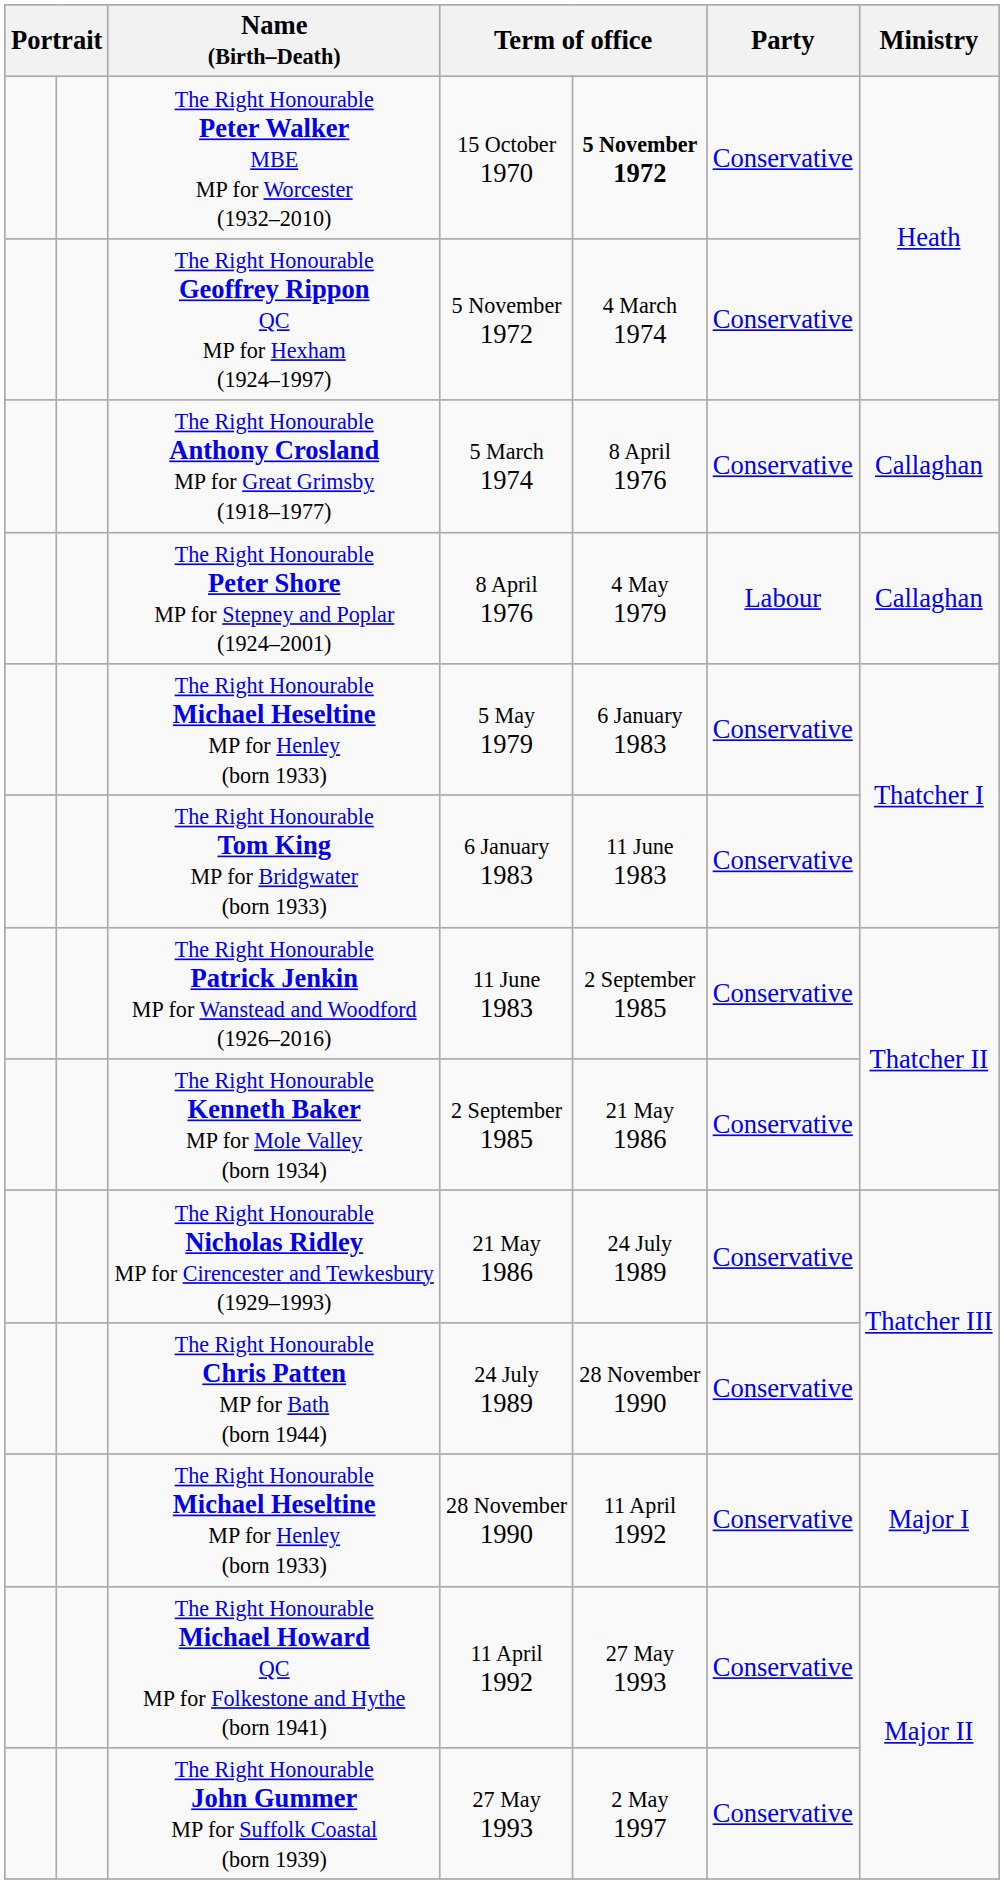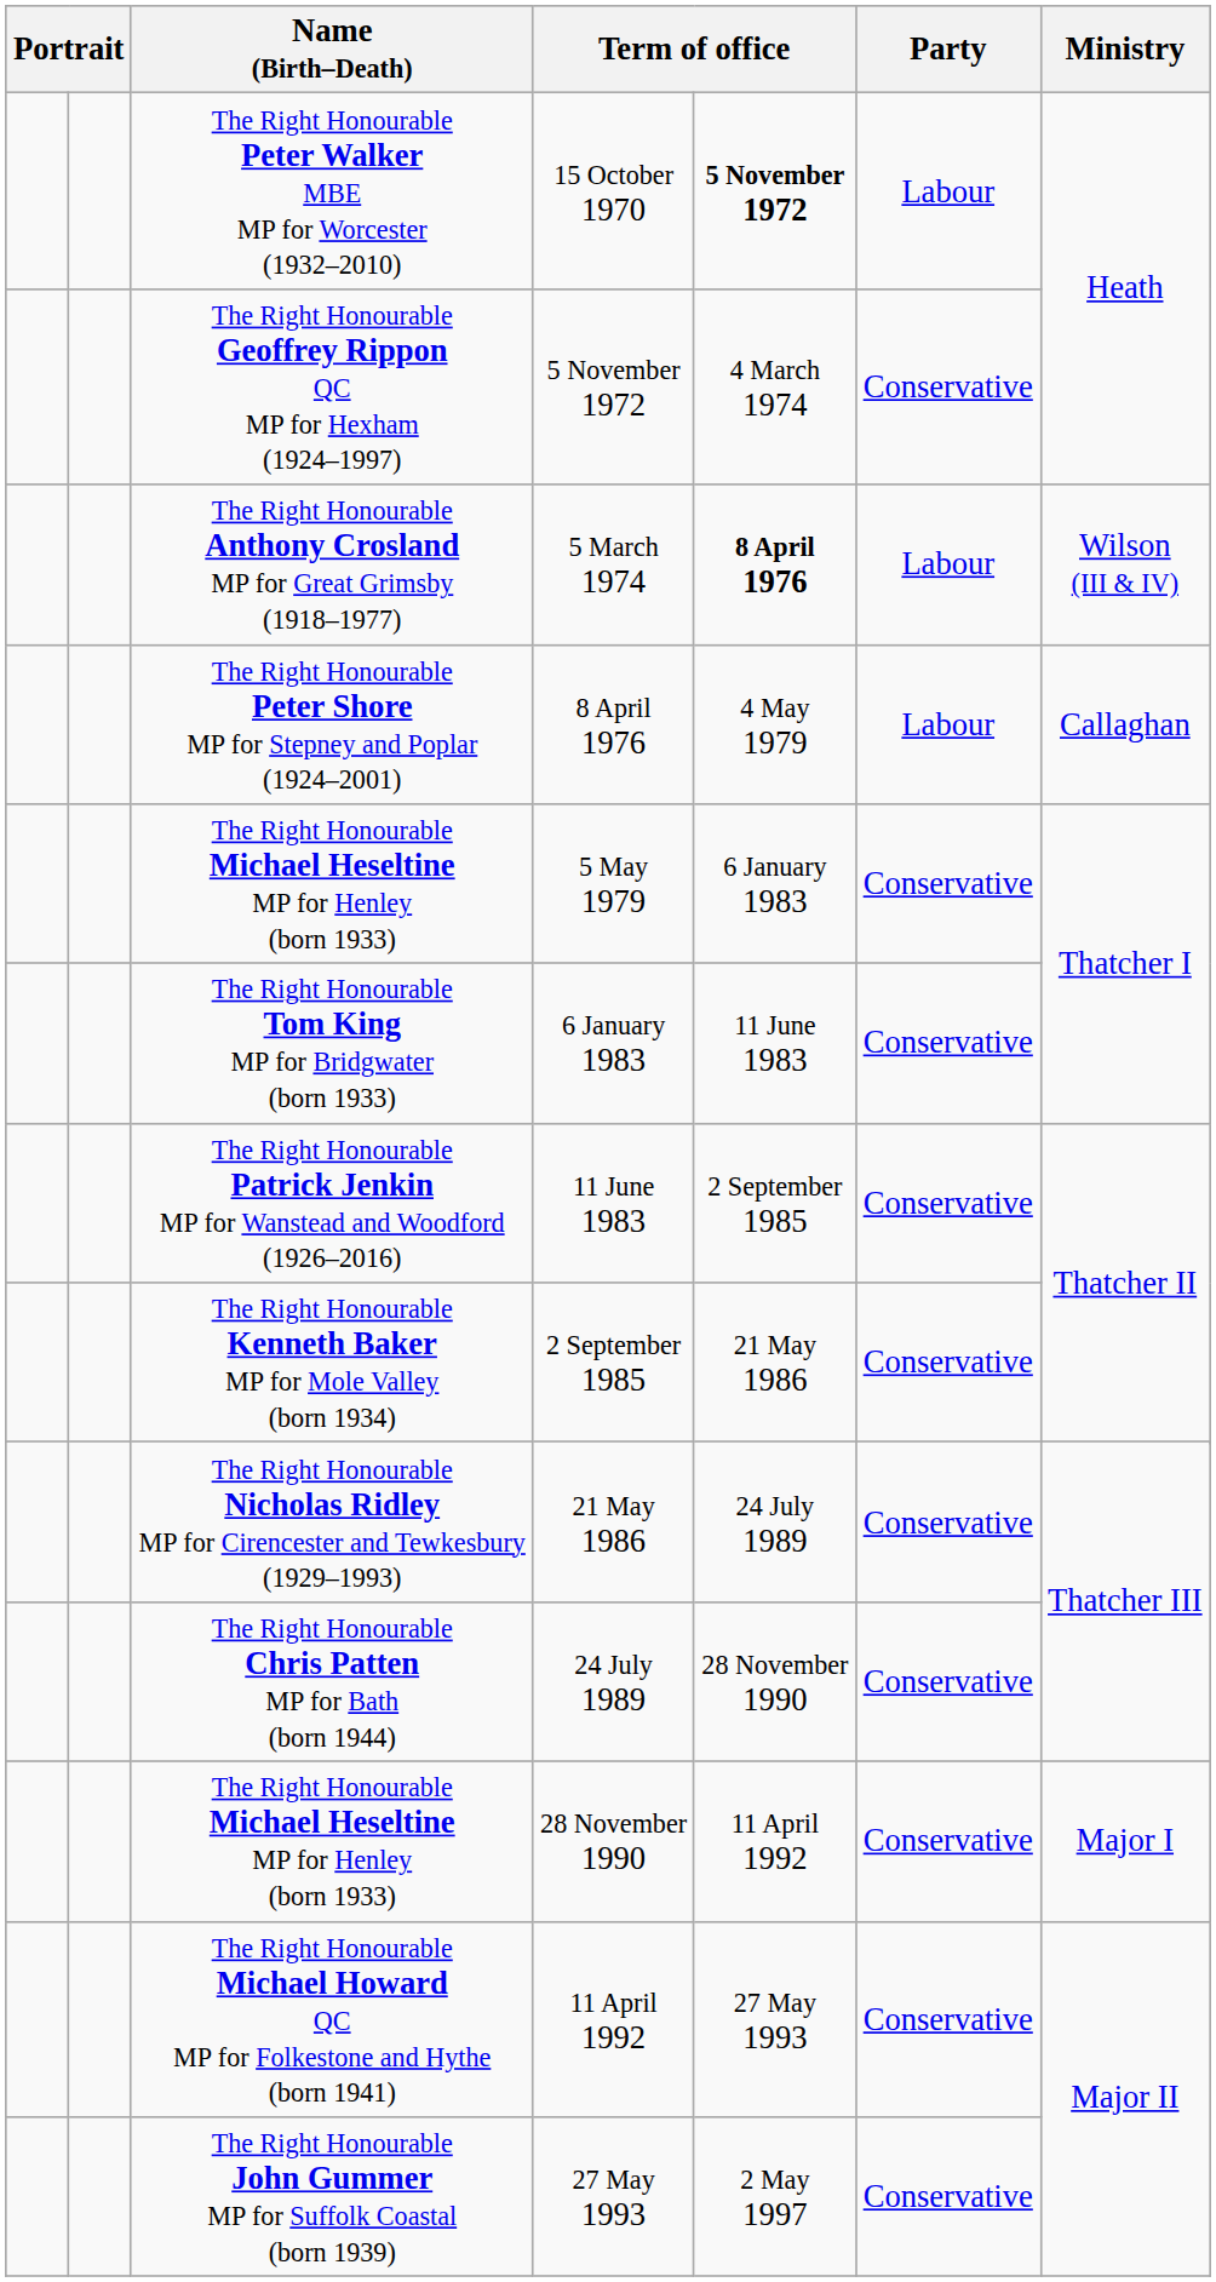 <table class="wikitable" style="text-align:center; white-space: nowrap">
 <tr>
 <th colspan=2>Portrait</th>
 <th>Name<br><small>(Birth–Death)</small></th>
 <th colspan=2>Term of office</th>
 <th>Party</th>
 <th>Ministry</th>
 </tr>
 <tr>
 <td style="background-color: "></td>
 <td></td>
 <td><a href='#'><small>The Right Honourable</small><br><strong>Peter Walker</strong><br><small>MBE</small></a><br><small>MP for <a href='#'>Worcester</a><br>(1932–2010)</small></td>
 <td><small>15 October</small><br>1970</td>
 <td><strong><small>5 November</small><br>1972</strong></td>
-<td><a href='#'>Conservative</a></td>
+<td><a href='#'>Labour</a></td>
 <td rowspan=2 ><a href='#'>Heath</a></td>
 </tr>
 <tr>
 <td style="background-color: "></td>
 <td></td>
 <td><a href='#'><small>The Right Honourable</small><br><strong>Geoffrey Rippon</strong><br><small>QC</small></a><br><small>MP for <a href='#'>Hexham</a><br>(1924–1997)</small></td>
 <td><small>5 November</small><br>1972</td>
 <td><small>4 March</small><br>1974</td>
 <td><a href='#'>Conservative</a></td>
 </tr>
 <tr>
 <td style="background-color: "></td>
 <td></td>
 <td><a href='#'><small>The Right Honourable</small><br><strong>Anthony Crosland</strong></a><br><small>MP for <a href='#'>Great Grimsby</a><br>(1918–1977)</small></td>
 <td><small>5 March</small><br>1974</td>
-<td><small>8 April</small><br>1976</td>
-<td><a href='#'>Conservative</a></td>
-<td><a href='#'>Callaghan</a></td>
+<td><strong><small>8 April</small><br>1976</strong></td>
+<td><a href='#'>Labour</a></td>
+<td><a href='#'>Wilson<br><small>(III & IV)</small></a></td>
 </tr>
 <tr>
 <td style="background-color: "></td>
 <td></td>
 <td><a href='#'><small>The Right Honourable</small><br><strong>Peter Shore</strong></a><br><small>MP for <a href='#'>Stepney and Poplar</a><br>(1924–2001)</small></td>
 <td><small>8 April</small><br>1976</td>
 <td><small>4 May</small><br>1979</td>
 <td><a href='#'>Labour</a></td>
 <td><a href='#'>Callaghan</a></td>
 </tr>
 <tr>
 <td style="background-color: "></td>
 <td></td>
 <td><a href='#'><small>The Right Honourable</small><br><strong>Michael Heseltine</strong></a><br><small>MP for <a href='#'>Henley</a><br>(born 1933)</small></td>
 <td><small>5 May</small><br>1979</td>
 <td><small>6 January</small><br>1983</td>
 <td><a href='#'>Conservative</a></td>
 <td rowspan=2 ><a href='#'>Thatcher I</a></td>
 </tr>
 <tr>
 <td style="background-color: "></td>
 <td></td>
 <td><a href='#'><small>The Right Honourable</small><br><strong>Tom King</strong></a><br><small>MP for <a href='#'>Bridgwater</a><br>(born 1933)</small></td>
 <td><small>6 January</small><br>1983</td>
 <td><small>11 June</small><br>1983</td>
 <td><a href='#'>Conservative</a></td>
 </tr>
 <tr>
 <td style="background-color: "></td>
 <td></td>
 <td><a href='#'><small>The Right Honourable</small><br><strong>Patrick Jenkin</strong></a><br><small>MP for <a href='#'>Wanstead and Woodford</a><br>(1926–2016)</small></td>
 <td><small>11 June</small><br>1983</td>
 <td><small>2 September</small><br>1985</td>
 <td><a href='#'>Conservative</a></td>
 <td rowspan=3 ><a href='#'>Thatcher II</a></td>
 </tr>
 <tr>
 <td style="background-color: "></td>
 <td></td>
 <td><a href='#'><small>The Right Honourable</small><br><strong>Kenneth Baker</strong></a><br><small>MP for <a href='#'>Mole Valley</a><br>(born 1934)</small></td>
 <td><small>2 September</small><br>1985</td>
 <td><small>21 May</small><br>1986</td>
 <td><a href='#'>Conservative</a></td>
 </tr>
 <tr>
 <td rowspan=2 style="background-color: "></td>
 <td rowspan=2></td>
 <td rowspan=2 style="white-space: nowrap;"><a href='#'><small>The Right Honourable</small><br><strong>Nicholas Ridley</strong></a><br><small>MP for <a href='#'>Cirencester and Tewkesbury</a><br>(1929–1993)</small></td>
 <td rowspan=2><small>21 May</small><br>1986</td>
 <td rowspan=2><small>24 July</small><br>1989</td>
 <td rowspan=2 ><a href='#'>Conservative</a></td>
 </tr>
 <tr>
 <td rowspan=2 ><a href='#'>Thatcher III</a></td>
 </tr>
 <tr>
 <td style="background-color: "></td>
 <td></td>
 <td><a href='#'><small>The Right Honourable</small><br><strong>Chris Patten</strong></a><br><small>MP for <a href='#'>Bath</a><br>(born 1944)</small></td>
 <td><small>24 July</small><br>1989</td>
 <td><small>28 November</small><br>1990</td>
 <td><a href='#'>Conservative</a></td>
 </tr>
 <tr>
 <td style="background-color: "></td>
 <td></td>
 <td><a href='#'><small>The Right Honourable</small><br><strong>Michael Heseltine</strong></a><br><small>MP for <a href='#'>Henley</a><br>(born 1933)</small></td>
 <td><small>28 November</small><br>1990</td>
 <td><small>11 April</small><br>1992</td>
 <td><a href='#'>Conservative</a></td>
 <td><a href='#'>Major I</a></td>
 </tr>
 <tr>
 <td style="background-color: "></td>
 <td></td>
 <td><a href='#'><small>The Right Honourable</small><br><strong>Michael Howard</strong><br><small>QC</small></a><br><small>MP for <a href='#'>Folkestone and Hythe</a><br>(born 1941)</small></td>
 <td><small>11 April</small><br>1992</td>
 <td><small>27 May</small><br>1993</td>
 <td><a href='#'>Conservative</a></td>
 <td rowspan=2 ><a href='#'>Major II</a></td>
 </tr>
 <tr>
 <td style="background-color: "></td>
 <td></td>
 <td><a href='#'><small>The Right Honourable</small><br><strong>John Gummer</strong></a><br><small>MP for <a href='#'>Suffolk Coastal</a><br>(born 1939)</small></td>
 <td><small>27 May</small><br>1993</td>
 <td><small>2 May</small><br>1997</td>
 <td><a href='#'>Conservative</a></td>
 </tr>
 </table>
